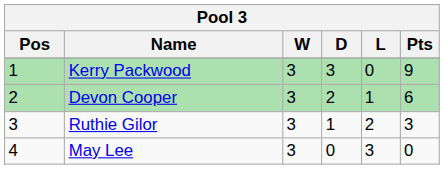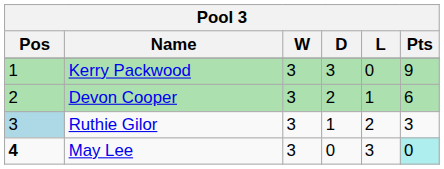 <table class="wikitable">
 <tr>
 <th colspan="6">Pool 3</th>
 </tr>
 <tr>
 <th width=50>Pos</th>
 <th width=200>Name</th>
 <th width=30>W</th>
 <th width=30>D</th>
 <th width=30>L</th>
 <th width=30>Pts</th>
 </tr>
 <tr>
 </tr>
 <tr style="background:#ACE1AF;">
 <td>1</td>
 <td> <a href='#'>Kerry Packwood</a></td>
 <td>3</td>
 <td>3</td>
 <td>0</td>
 <td>9</td>
 </tr>
 <tr style="background:#ACE1AF;">
 <td>2</td>
 <td> <a href='#'>Devon Cooper</a></td>
 <td>3</td>
 <td>2</td>
 <td>1</td>
 <td>6</td>
 </tr>
 <tr>
-<td>3</td>
+<td style="background: lightblue;">3</td>
 <td> <a href='#'>Ruthie Gilor</a></td>
 <td>3</td>
 <td>1</td>
 <td>2</td>
 <td>3</td>
 </tr>
 <tr>
-<td>4</td>
+<td><strong>4</strong></td>
 <td> <a href='#'>May Lee</a></td>
 <td>3</td>
 <td>0</td>
 <td>3</td>
-<td>0</td>
+<td style="background: paleturquoise;">0</td>
 </tr>
 </table>
